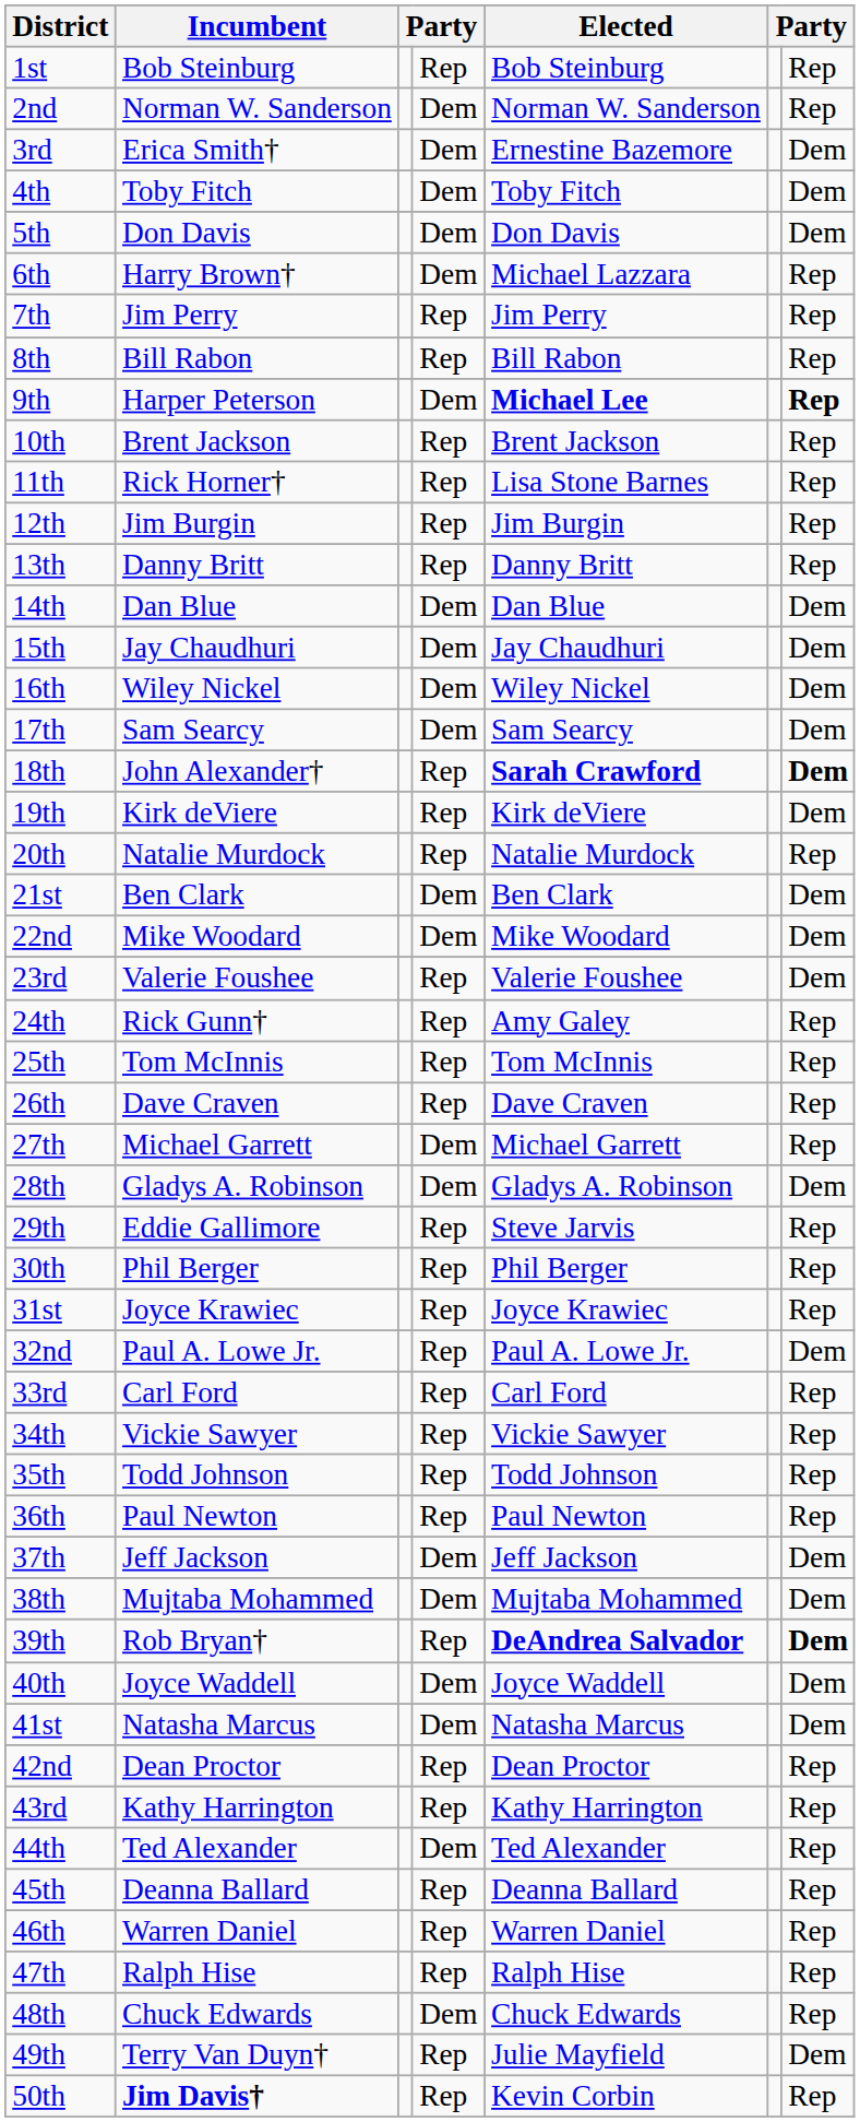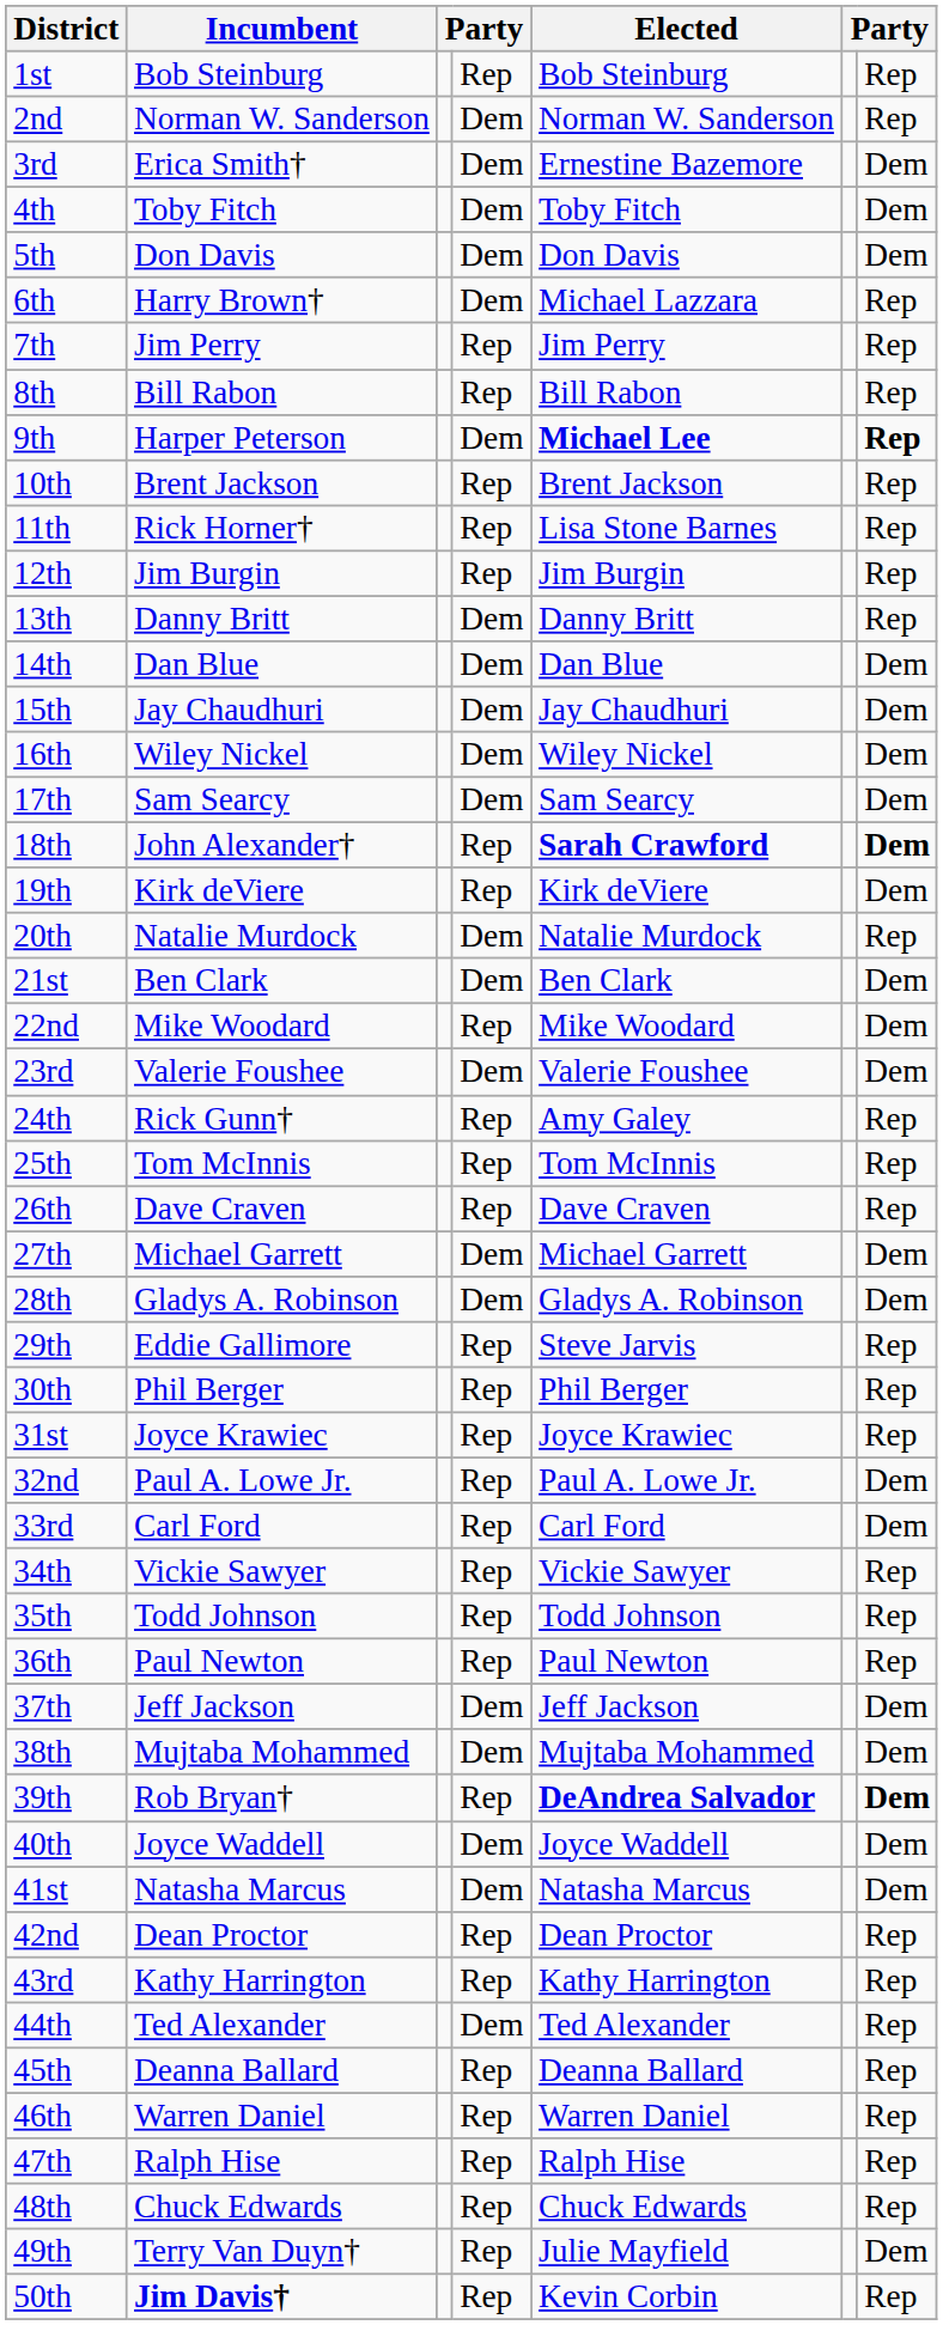 <table class="sortable wikitable" style="font-size:95%;line-height:14px;">
 <tr>
 <th class="unsortable">District</th>
 <th class="unsortable"><a href='#'>Incumbent</a></th>
 <th colspan="2">Party</th>
 <th class="unsortable">Elected</th>
 <th colspan="2">Party</th>
 </tr>
 <tr>
 <td><a href='#'>1st</a></td>
 <td><a href='#'>Bob Steinburg</a></td>
 <td style="background:"></td>
 <td>Rep</td>
 <td><a href='#'>Bob Steinburg</a></td>
 <td style="background:"></td>
 <td>Rep</td>
 </tr>
 <tr>
 <td><a href='#'>2nd</a></td>
 <td><a href='#'>Norman W. Sanderson</a></td>
 <td style="background:"></td>
 <td>Dem</td>
 <td><a href='#'>Norman W. Sanderson</a></td>
 <td style="background:"></td>
 <td>Rep</td>
 </tr>
 <tr>
 <td><a href='#'>3rd</a></td>
 <td><a href='#'>Erica Smith</a>†</td>
 <td style="background:"></td>
 <td>Dem</td>
 <td><a href='#'>Ernestine Bazemore</a></td>
 <td style="background:"></td>
 <td>Dem</td>
 </tr>
 <tr>
 <td><a href='#'>4th</a></td>
 <td><a href='#'>Toby Fitch</a></td>
 <td style="background:"></td>
 <td>Dem</td>
 <td><a href='#'>Toby Fitch</a></td>
 <td style="background:"></td>
 <td>Dem</td>
 </tr>
 <tr>
 <td><a href='#'>5th</a></td>
 <td><a href='#'>Don Davis</a></td>
 <td style="background:"></td>
 <td>Dem</td>
 <td><a href='#'>Don Davis</a></td>
 <td style="background:"></td>
 <td>Dem</td>
 </tr>
 <tr>
 <td><a href='#'>6th</a></td>
 <td><a href='#'>Harry Brown</a>†</td>
 <td style="background:"></td>
 <td>Dem</td>
 <td><a href='#'>Michael Lazzara</a></td>
 <td style="background:"></td>
 <td>Rep</td>
 </tr>
 <tr>
 <td><a href='#'>7th</a></td>
 <td><a href='#'>Jim Perry</a></td>
 <td style="background:"></td>
 <td>Rep</td>
 <td><a href='#'>Jim Perry</a></td>
 <td style="background:"></td>
 <td>Rep</td>
 </tr>
 <tr>
 <td><a href='#'>8th</a></td>
 <td><a href='#'>Bill Rabon</a></td>
 <td style="background:"></td>
 <td>Rep</td>
 <td><a href='#'>Bill Rabon</a></td>
 <td style="background:"></td>
 <td>Rep</td>
 </tr>
 <tr>
 <td><a href='#'>9th</a></td>
 <td><a href='#'>Harper Peterson</a></td>
 <td style="background:"></td>
 <td>Dem</td>
 <td><strong><a href='#'>Michael Lee</a></strong></td>
 <td style="background:"></td>
 <td><strong>Rep</strong></td>
 </tr>
 <tr>
 <td><a href='#'>10th</a></td>
 <td><a href='#'>Brent Jackson</a></td>
 <td style="background:"></td>
 <td>Rep</td>
 <td><a href='#'>Brent Jackson</a></td>
 <td style="background:"></td>
 <td>Rep</td>
 </tr>
 <tr>
 <td><a href='#'>11th</a></td>
 <td><a href='#'>Rick Horner</a>†</td>
 <td style="background:"></td>
 <td>Rep</td>
 <td><a href='#'>Lisa Stone Barnes</a></td>
 <td style="background:"></td>
 <td>Rep</td>
 </tr>
 <tr>
 <td><a href='#'>12th</a></td>
 <td><a href='#'>Jim Burgin</a></td>
 <td style="background:"></td>
 <td>Rep</td>
 <td><a href='#'>Jim Burgin</a></td>
 <td style="background:"></td>
 <td>Rep</td>
 </tr>
 <tr>
 <td><a href='#'>13th</a></td>
 <td><a href='#'>Danny Britt</a></td>
 <td style="background:"></td>
-<td>Rep</td>
+<td>Dem</td>
 <td><a href='#'>Danny Britt</a></td>
 <td style="background:"></td>
 <td>Rep</td>
 </tr>
 <tr>
 <td><a href='#'>14th</a></td>
 <td><a href='#'>Dan Blue</a></td>
 <td style="background:"></td>
 <td>Dem</td>
 <td><a href='#'>Dan Blue</a></td>
 <td style="background:"></td>
 <td>Dem</td>
 </tr>
 <tr>
 <td><a href='#'>15th</a></td>
 <td><a href='#'>Jay Chaudhuri</a></td>
 <td style="background:"></td>
 <td>Dem</td>
 <td><a href='#'>Jay Chaudhuri</a></td>
 <td style="background:"></td>
 <td>Dem</td>
 </tr>
 <tr>
 <td><a href='#'>16th</a></td>
 <td><a href='#'>Wiley Nickel</a></td>
 <td style="background:"></td>
 <td>Dem</td>
 <td><a href='#'>Wiley Nickel</a></td>
 <td style="background:"></td>
 <td>Dem</td>
 </tr>
 <tr>
 <td><a href='#'>17th</a></td>
 <td><a href='#'>Sam Searcy</a></td>
 <td style="background:"></td>
 <td>Dem</td>
 <td><a href='#'>Sam Searcy</a></td>
 <td style="background:"></td>
 <td>Dem</td>
 </tr>
 <tr>
 <td><a href='#'>18th</a></td>
 <td><a href='#'>John Alexander</a>†</td>
 <td style="background:"></td>
 <td>Rep</td>
 <td><strong><a href='#'>Sarah Crawford</a></strong></td>
 <td style="background:"></td>
 <td><strong>Dem</strong></td>
 </tr>
 <tr>
 <td><a href='#'>19th</a></td>
 <td><a href='#'>Kirk deViere</a></td>
 <td style="background:"></td>
 <td>Rep</td>
 <td><a href='#'>Kirk deViere</a></td>
 <td style="background:"></td>
 <td>Dem</td>
 </tr>
 <tr>
 <td><a href='#'>20th</a></td>
 <td><a href='#'>Natalie Murdock</a></td>
 <td style="background:"></td>
-<td>Rep</td>
+<td>Dem</td>
 <td><a href='#'>Natalie Murdock</a></td>
 <td style="background:"></td>
 <td>Rep</td>
 </tr>
 <tr>
 <td><a href='#'>21st</a></td>
 <td><a href='#'>Ben Clark</a></td>
 <td style="background:"></td>
 <td>Dem</td>
 <td><a href='#'>Ben Clark</a></td>
 <td style="background:"></td>
 <td>Dem</td>
 </tr>
 <tr>
 <td><a href='#'>22nd</a></td>
 <td><a href='#'>Mike Woodard</a></td>
 <td style="background:"></td>
-<td>Dem</td>
+<td>Rep</td>
 <td><a href='#'>Mike Woodard</a></td>
 <td style="background:"></td>
 <td>Dem</td>
 </tr>
 <tr>
 <td><a href='#'>23rd</a></td>
 <td><a href='#'>Valerie Foushee</a></td>
 <td style="background:"></td>
-<td>Rep</td>
+<td>Dem</td>
 <td><a href='#'>Valerie Foushee</a></td>
 <td style="background:"></td>
 <td>Dem</td>
 </tr>
 <tr>
 <td><a href='#'>24th</a></td>
 <td><a href='#'>Rick Gunn</a>†</td>
 <td style="background:"></td>
 <td>Rep</td>
 <td><a href='#'>Amy Galey</a></td>
 <td style="background:"></td>
 <td>Rep</td>
 </tr>
 <tr>
 <td><a href='#'>25th</a></td>
 <td><a href='#'>Tom McInnis</a></td>
 <td style="background:"></td>
 <td>Rep</td>
 <td><a href='#'>Tom McInnis</a></td>
 <td style="background:"></td>
 <td>Rep</td>
 </tr>
 <tr>
 <td><a href='#'>26th</a></td>
 <td><a href='#'>Dave Craven</a></td>
 <td style="background:"></td>
 <td>Rep</td>
 <td><a href='#'>Dave Craven</a></td>
 <td style="background:"></td>
 <td>Rep</td>
 </tr>
 <tr>
 <td><a href='#'>27th</a></td>
 <td><a href='#'>Michael Garrett</a></td>
 <td style="background:"></td>
 <td>Dem</td>
 <td><a href='#'>Michael Garrett</a></td>
 <td style="background:"></td>
-<td>Rep</td>
+<td>Dem</td>
 </tr>
 <tr>
 <td><a href='#'>28th</a></td>
 <td><a href='#'>Gladys A. Robinson</a></td>
 <td style="background:"></td>
 <td>Dem</td>
 <td><a href='#'>Gladys A. Robinson</a></td>
 <td style="background:"></td>
 <td>Dem</td>
 </tr>
 <tr>
 <td><a href='#'>29th</a></td>
 <td><a href='#'>Eddie Gallimore</a></td>
 <td style="background:"></td>
 <td>Rep</td>
 <td><a href='#'>Steve Jarvis</a></td>
 <td style="background:"></td>
 <td>Rep</td>
 </tr>
 <tr>
 <td><a href='#'>30th</a></td>
 <td><a href='#'>Phil Berger</a></td>
 <td style="background:"></td>
 <td>Rep</td>
 <td><a href='#'>Phil Berger</a></td>
 <td style="background:"></td>
 <td>Rep</td>
 </tr>
 <tr>
 <td><a href='#'>31st</a></td>
 <td><a href='#'>Joyce Krawiec</a></td>
 <td style="background:"></td>
 <td>Rep</td>
 <td><a href='#'>Joyce Krawiec</a></td>
 <td style="background:"></td>
 <td>Rep</td>
 </tr>
 <tr>
 <td><a href='#'>32nd</a></td>
 <td><a href='#'>Paul A. Lowe Jr.</a></td>
 <td style="background:"></td>
 <td>Rep</td>
 <td><a href='#'>Paul A. Lowe Jr.</a></td>
 <td style="background:"></td>
 <td>Dem</td>
 </tr>
 <tr>
 <td><a href='#'>33rd</a></td>
 <td><a href='#'>Carl Ford</a></td>
 <td style="background:"></td>
 <td>Rep</td>
 <td><a href='#'>Carl Ford</a></td>
 <td style="background:"></td>
-<td>Rep</td>
+<td>Dem</td>
 </tr>
 <tr>
 <td><a href='#'>34th</a></td>
 <td><a href='#'>Vickie Sawyer</a></td>
 <td style="background:"></td>
 <td>Rep</td>
 <td><a href='#'>Vickie Sawyer</a></td>
 <td style="background:"></td>
 <td>Rep</td>
 </tr>
 <tr>
 <td><a href='#'>35th</a></td>
 <td><a href='#'>Todd Johnson</a></td>
 <td style="background:"></td>
 <td>Rep</td>
 <td><a href='#'>Todd Johnson</a></td>
 <td style="background:"></td>
 <td>Rep</td>
 </tr>
 <tr>
 <td><a href='#'>36th</a></td>
 <td><a href='#'>Paul Newton</a></td>
 <td style="background:"></td>
 <td>Rep</td>
 <td><a href='#'>Paul Newton</a></td>
 <td style="background:"></td>
 <td>Rep</td>
 </tr>
 <tr>
 <td><a href='#'>37th</a></td>
 <td><a href='#'>Jeff Jackson</a></td>
 <td style="background:"></td>
 <td>Dem</td>
 <td><a href='#'>Jeff Jackson</a></td>
 <td style="background:"></td>
 <td>Dem</td>
 </tr>
 <tr>
 <td><a href='#'>38th</a></td>
 <td><a href='#'>Mujtaba Mohammed</a></td>
 <td style="background:"></td>
 <td>Dem</td>
 <td><a href='#'>Mujtaba Mohammed</a></td>
 <td style="background:"></td>
 <td>Dem</td>
 </tr>
 <tr>
 <td><a href='#'>39th</a></td>
 <td><a href='#'>Rob Bryan</a>†</td>
 <td style="background:"></td>
 <td>Rep</td>
 <td><strong><a href='#'>DeAndrea Salvador</a></strong></td>
 <td style="background:"></td>
 <td><strong>Dem</strong></td>
 </tr>
 <tr>
 <td><a href='#'>40th</a></td>
 <td><a href='#'>Joyce Waddell</a></td>
 <td style="background:"></td>
 <td>Dem</td>
 <td><a href='#'>Joyce Waddell</a></td>
 <td style="background:"></td>
 <td>Dem</td>
 </tr>
 <tr>
 <td><a href='#'>41st</a></td>
 <td><a href='#'>Natasha Marcus</a></td>
 <td style="background:"></td>
 <td>Dem</td>
 <td><a href='#'>Natasha Marcus</a></td>
 <td style="background:"></td>
 <td>Dem</td>
 </tr>
 <tr>
 <td><a href='#'>42nd</a></td>
 <td><a href='#'>Dean Proctor</a></td>
 <td style="background:"></td>
 <td>Rep</td>
 <td><a href='#'>Dean Proctor</a></td>
 <td style="background:"></td>
 <td>Rep</td>
 </tr>
 <tr>
 <td><a href='#'>43rd</a></td>
 <td><a href='#'>Kathy Harrington</a></td>
 <td style="background:"></td>
 <td>Rep</td>
 <td><a href='#'>Kathy Harrington</a></td>
 <td style="background:"></td>
 <td>Rep</td>
 </tr>
 <tr>
 <td><a href='#'>44th</a></td>
 <td><a href='#'>Ted Alexander</a></td>
 <td style="background:"></td>
 <td>Dem</td>
 <td><a href='#'>Ted Alexander</a></td>
 <td style="background:"></td>
 <td>Rep</td>
 </tr>
 <tr>
 <td><a href='#'>45th</a></td>
 <td><a href='#'>Deanna Ballard</a></td>
 <td style="background:"></td>
 <td>Rep</td>
 <td><a href='#'>Deanna Ballard</a></td>
 <td style="background:"></td>
 <td>Rep</td>
 </tr>
 <tr>
 <td><a href='#'>46th</a></td>
 <td><a href='#'>Warren Daniel</a></td>
 <td style="background:"></td>
 <td>Rep</td>
 <td><a href='#'>Warren Daniel</a></td>
 <td style="background:"></td>
 <td>Rep</td>
 </tr>
 <tr>
 <td><a href='#'>47th</a></td>
 <td><a href='#'>Ralph Hise</a></td>
 <td style="background:"></td>
 <td>Rep</td>
 <td><a href='#'>Ralph Hise</a></td>
 <td style="background:"></td>
 <td>Rep</td>
 </tr>
 <tr>
 <td><a href='#'>48th</a></td>
 <td><a href='#'>Chuck Edwards</a></td>
 <td style="background:"></td>
-<td>Dem</td>
+<td>Rep</td>
 <td><a href='#'>Chuck Edwards</a></td>
 <td style="background:"></td>
 <td>Rep</td>
 </tr>
 <tr>
 <td><a href='#'>49th</a></td>
 <td><a href='#'>Terry Van Duyn</a>†</td>
 <td style="background:"></td>
 <td>Rep</td>
 <td><a href='#'>Julie Mayfield</a></td>
 <td style="background:"></td>
 <td>Dem</td>
 </tr>
 <tr>
 <td><a href='#'>50th</a></td>
 <td><strong><a href='#'>Jim Davis</a>†</strong></td>
 <td style="background:"></td>
 <td>Rep</td>
 <td><a href='#'>Kevin Corbin</a></td>
 <td style="background:"></td>
 <td>Rep</td>
 </tr>
 </table>
